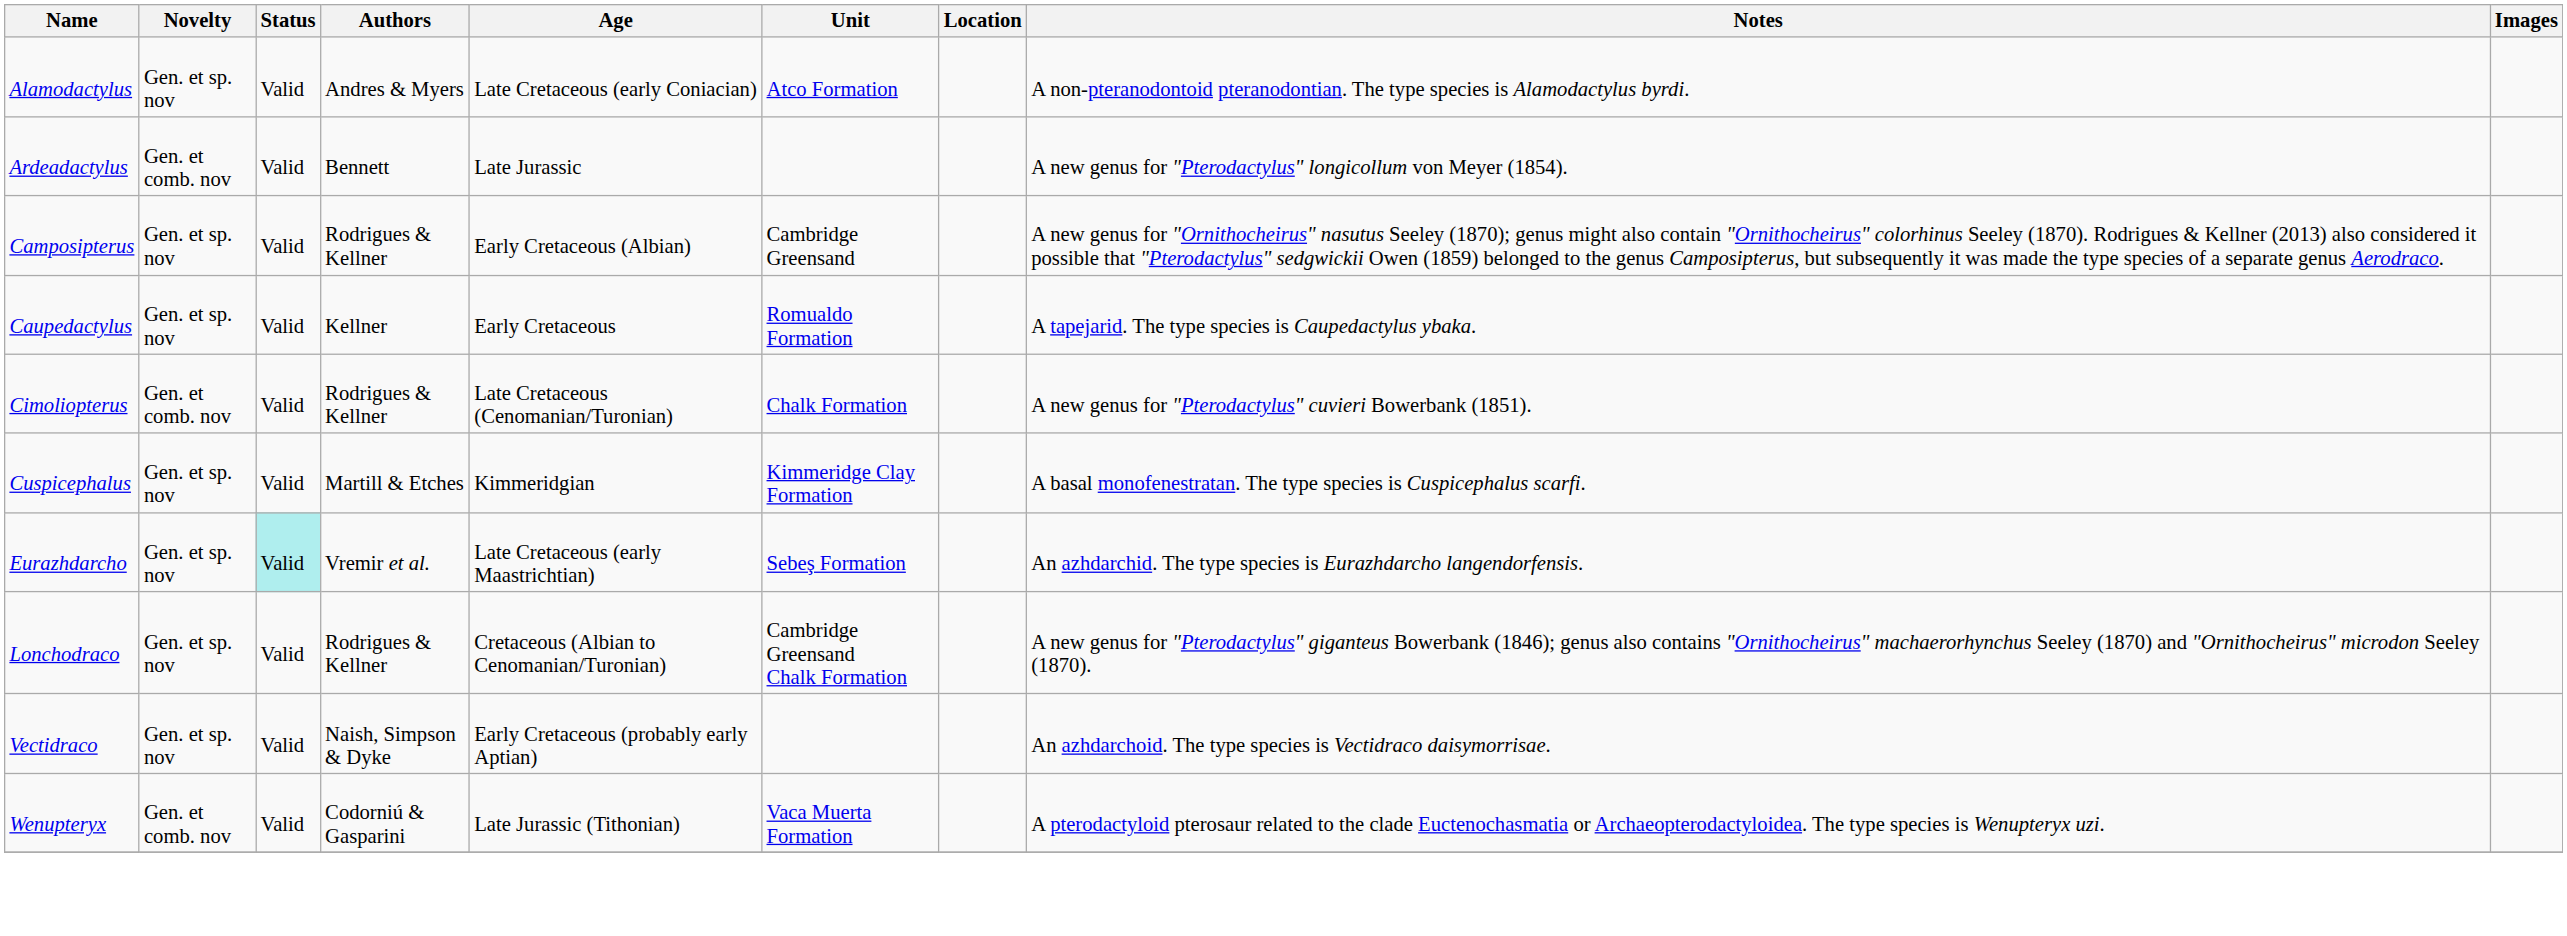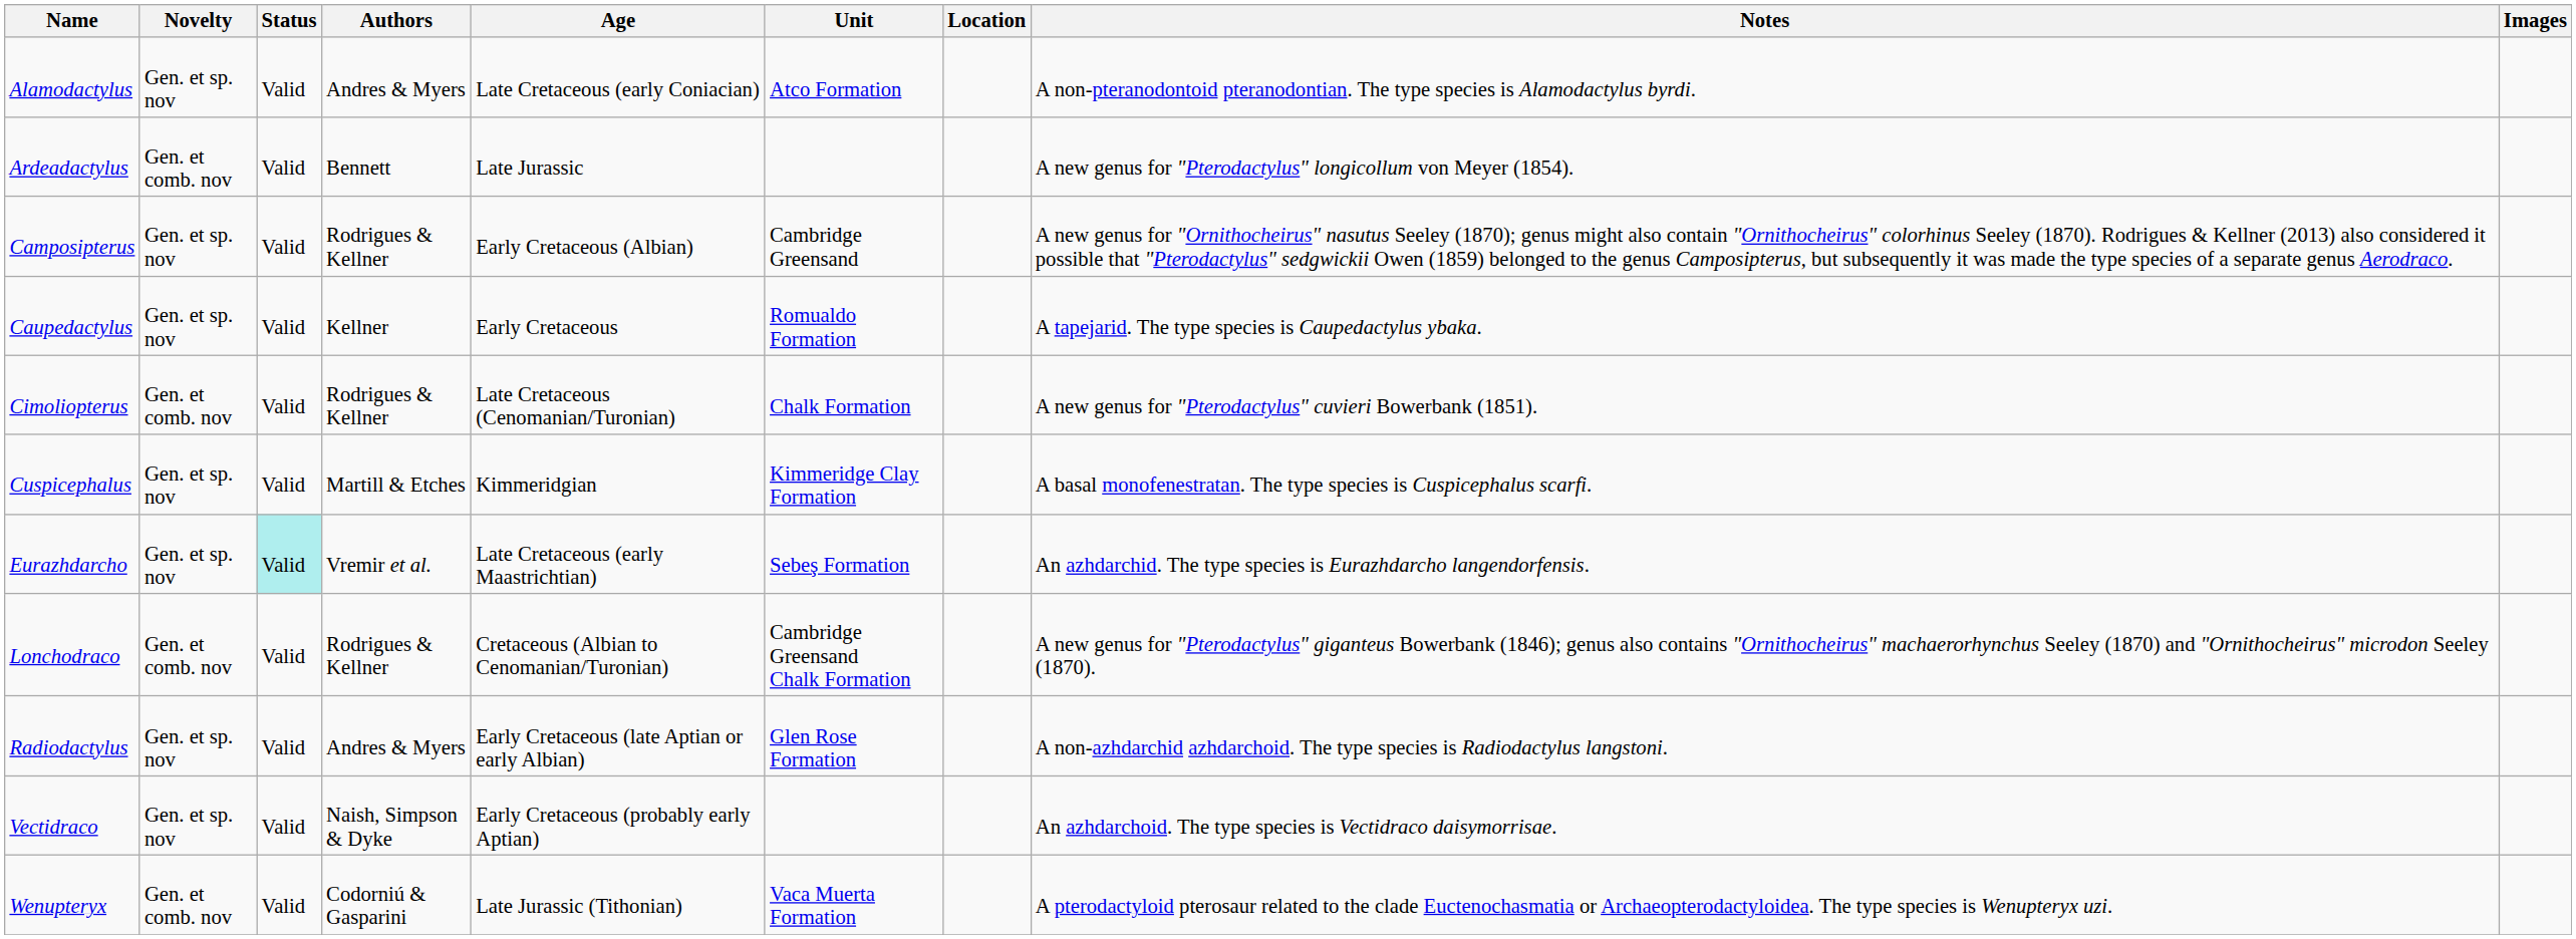 <table class="wikitable sortable" align="center" width="100%">
 <tr>
 <th>Name</th>
 <th>Novelty</th>
 <th>Status</th>
 <th>Authors</th>
 <th>Age</th>
 <th>Unit</th>
 <th>Location</th>
 <th>Notes</th>
 <th>Images</th>
 </tr>
 <tr>
 <td><br><em><a href='#'>Alamodactylus</a></em></td>
 <td><br>Gen. et sp. nov</td>
 <td><br>Valid</td>
 <td><br>Andres & Myers</td>
 <td><br>Late Cretaceous (early Coniacian)</td>
 <td><br><a href='#'>Atco Formation</a></td>
 <td><br></td>
 <td><br>A non-<a href='#'>pteranodontoid</a> <a href='#'>pteranodontian</a>. The type species is <em>Alamodactylus byrdi</em>.</td>
 <td></td>
 </tr>
 <tr>
 <td><br><em><a href='#'>Ardeadactylus</a></em></td>
 <td><br>Gen. et comb. nov</td>
 <td><br>Valid</td>
 <td><br>Bennett</td>
 <td><br>Late Jurassic</td>
 <td></td>
 <td><br></td>
 <td><br>A new genus for <em>"<a href='#'>Pterodactylus</a>" longicollum</em> von Meyer (1854).</td>
 <td></td>
 </tr>
 <tr>
 <td><br><em><a href='#'>Camposipterus</a></em></td>
 <td><br>Gen. et sp. nov</td>
 <td><br>Valid</td>
 <td><br>Rodrigues & Kellner</td>
 <td><br>Early Cretaceous (Albian)</td>
 <td><br>Cambridge Greensand</td>
 <td><br></td>
 <td><br>A new genus for <em>"<a href='#'>Ornithocheirus</a>" nasutus</em> Seeley (1870); genus might also contain <em>"<a href='#'>Ornithocheirus</a>" colorhinus</em> Seeley (1870). Rodrigues & Kellner (2013) also considered it possible that <em>"<a href='#'>Pterodactylus</a>" sedgwickii</em> Owen (1859) belonged to the genus <em>Camposipterus</em>, but subsequently it was made the type species of a separate genus <em><a href='#'>Aerodraco</a></em>.</td>
 <td></td>
 </tr>
 <tr>
 <td><br><em><a href='#'>Caupedactylus</a></em></td>
 <td><br>Gen. et sp. nov</td>
 <td><br>Valid</td>
 <td><br>Kellner</td>
 <td><br>Early Cretaceous</td>
 <td><br><a href='#'>Romualdo Formation</a></td>
 <td><br></td>
 <td><br>A <a href='#'>tapejarid</a>. The type species is <em>Caupedactylus ybaka</em>.</td>
 <td></td>
 </tr>
 <tr>
 <td><br><em><a href='#'>Cimoliopterus</a></em></td>
 <td><br>Gen. et comb. nov</td>
 <td><br>Valid</td>
 <td><br>Rodrigues & Kellner</td>
 <td><br>Late Cretaceous (Cenomanian/Turonian)</td>
 <td><br><a href='#'>Chalk Formation</a></td>
 <td><br></td>
 <td><br>A new genus for <em>"<a href='#'>Pterodactylus</a>" cuvieri</em> Bowerbank (1851).</td>
 <td></td>
 </tr>
 <tr>
 <td><br><em><a href='#'>Cuspicephalus</a></em></td>
 <td><br>Gen. et sp. nov</td>
 <td><br>Valid</td>
 <td><br>Martill & Etches</td>
 <td><br>Kimmeridgian</td>
 <td><br><a href='#'>Kimmeridge Clay Formation</a></td>
 <td><br></td>
 <td><br>A basal <a href='#'>monofenestratan</a>. The type species is <em>Cuspicephalus scarfi</em>.</td>
 <td><br></td>
 </tr>
 <tr>
 <td><br><em><a href='#'>Eurazhdarcho</a></em></td>
 <td><br>Gen. et sp. nov</td>
 <td style="background: paleturquoise;"><br>Valid</td>
 <td><br>Vremir <em>et al.</em></td>
 <td><br>Late Cretaceous (early Maastrichtian)</td>
 <td><br><a href='#'>Sebeş Formation</a></td>
 <td><br></td>
 <td><br>An <a href='#'>azhdarchid</a>. The type species is <em>Eurazhdarcho langendorfensis</em>.</td>
 <td></td>
 </tr>
 <tr>
 <td><br><em><a href='#'>Lonchodraco</a></em></td>
-<td><br>Gen. et sp. nov</td>
+<td><br>Gen. et comb. nov</td>
 <td><br>Valid</td>
 <td><br>Rodrigues & Kellner</td>
 <td><br>Cretaceous (Albian to Cenomanian/Turonian)</td>
 <td><br>Cambridge Greensand<br> <a href='#'>Chalk Formation</a></td>
 <td><br></td>
 <td><br>A new genus for <em>"<a href='#'>Pterodactylus</a>" giganteus</em> Bowerbank (1846); genus also contains <em>"<a href='#'>Ornithocheirus</a>" machaerorhynchus</em> Seeley (1870) and <em>"Ornithocheirus" microdon</em> Seeley (1870).</td>
+<td></td>
+</tr>
+<tr>
+<td><br><em><a href='#'>Radiodactylus</a></em></td>
+<td><br>Gen. et sp. nov</td>
+<td><br>Valid</td>
+<td><br>Andres & Myers</td>
+<td><br>Early Cretaceous (late Aptian or early Albian)</td>
+<td><br><a href='#'>Glen Rose Formation</a></td>
+<td><br></td>
+<td><br>A non-<a href='#'>azhdarchid</a> <a href='#'>azhdarchoid</a>. The type species is <em>Radiodactylus langstoni</em>.</td>
 <td></td>
 </tr>
 <tr>
 <td><br><em><a href='#'>Vectidraco</a></em></td>
 <td><br>Gen. et sp. nov</td>
 <td><br>Valid</td>
 <td><br>Naish, Simpson & Dyke</td>
 <td><br>Early Cretaceous (probably early Aptian)</td>
 <td></td>
 <td><br></td>
 <td><br>An <a href='#'>azhdarchoid</a>. The type species is <em>Vectidraco daisymorrisae</em>.</td>
 <td></td>
 </tr>
 <tr>
 <td><br><em><a href='#'>Wenupteryx</a></em></td>
 <td><br>Gen. et comb. nov</td>
 <td><br>Valid</td>
 <td><br>Codorniú & Gasparini</td>
 <td><br>Late Jurassic (Tithonian)</td>
 <td><br><a href='#'>Vaca Muerta Formation</a></td>
 <td><br></td>
 <td><br>A <a href='#'>pterodactyloid</a> pterosaur related to the clade <a href='#'>Euctenochasmatia</a> or <a href='#'>Archaeopterodactyloidea</a>. The type species is <em>Wenupteryx uzi</em>.</td>
 <td></td>
 </tr>
 <tr>
 </tr>
 </table>
